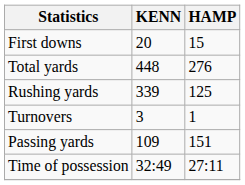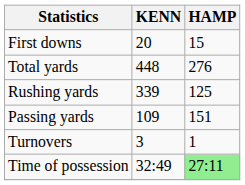 <table class="wikitable" style="float: left;">
 <tr>
 <th>Statistics</th>
 <th>KENN</th>
 <th>HAMP</th>
 </tr>
 <tr>
 <td>First downs</td>
 <td>20</td>
 <td>15</td>
 </tr>
 <tr>
 <td>Total yards</td>
 <td>448</td>
 <td>276</td>
 </tr>
 <tr>
 <td>Rushing yards</td>
 <td>339</td>
 <td>125</td>
 </tr>
 <tr>
+<td>Passing yards</td>
+<td>109</td>
+<td>151</td>
+</tr>
+<tr>
 <td>Turnovers</td>
 <td>3</td>
 <td>1</td>
 </tr>
 <tr>
-<td>Passing yards</td>
-<td>109</td>
-<td>151</td>
-</tr>
-<tr>
 <td>Time of possession</td>
 <td>32:49</td>
-<td>27:11</td>
+<td style="background: lightgreen;">27:11</td>
 </tr>
 <tr>
 </tr>
 </table>
